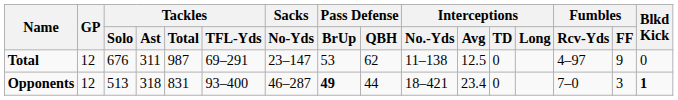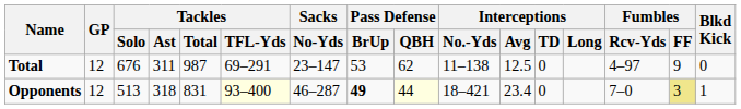 <table class="wikitable" style="white-space:nowrap;">
 <tr>
 <th rowspan="2">Name</th>
 <th rowspan="2">GP</th>
 <th colspan="4">Tackles</th>
 <th>Sacks</th>
 <th colspan="2">Pass Defense</th>
 <th colspan="4">Interceptions</th>
 <th colspan="2">Fumbles</th>
 <th rowspan="2">Blkd<br>Kick</th>
 </tr>
 <tr>
 <th>Solo</th>
 <th>Ast</th>
 <th>Total</th>
 <th>TFL-Yds</th>
 <th>No-Yds</th>
 <th>BrUp</th>
 <th>QBH</th>
 <th>No.-Yds</th>
 <th>Avg</th>
 <th>TD</th>
 <th>Long</th>
 <th>Rcv-Yds</th>
 <th>FF</th>
 </tr>
 <tr>
 <td><strong>Total</strong></td>
 <td>12</td>
 <td>676</td>
 <td>311</td>
 <td>987</td>
 <td>69–291</td>
 <td>23–147</td>
 <td>53</td>
 <td>62</td>
 <td>11–138</td>
 <td>12.5</td>
 <td>0</td>
 <td></td>
 <td>4–97</td>
 <td>9</td>
 <td>0</td>
 </tr>
 <tr>
 <td><strong>Opponents</strong></td>
 <td>12</td>
 <td>513</td>
 <td>318</td>
 <td>831</td>
-<td>93–400</td>
+<td style="background: lightyellow;">93–400</td>
 <td>46–287</td>
 <td><strong>49</strong></td>
-<td>44</td>
+<td style="background: lightyellow;">44</td>
 <td>18–421</td>
 <td>23.4</td>
 <td>0</td>
 <td></td>
 <td>7–0</td>
-<td>3</td>
-<td><strong>1</strong></td>
+<td style="background: khaki;">3</td>
+<td>1</td>
 </tr>
 </table>
